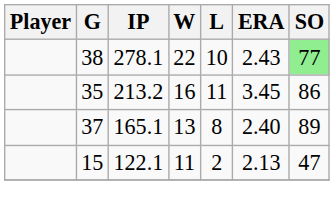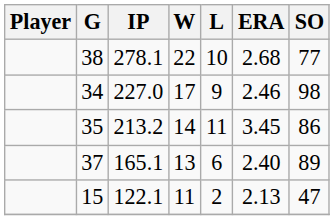 <table class="wikitable sortable" style="text-align:center;">
 <tr>
 <th>Player</th>
 <th>G</th>
 <th>IP</th>
 <th>W</th>
 <th>L</th>
 <th>ERA</th>
 <th>SO</th>
 </tr>
 <tr>
 <td></td>
 <td>38</td>
 <td>278.1</td>
 <td>22</td>
 <td>10</td>
-<td>2.43</td>
-<td style="background: lightgreen;">77</td>
+<td>2.68</td>
+<td>77</td>
+</tr>
+<tr>
+<td></td>
+<td>34</td>
+<td>227.0</td>
+<td>17</td>
+<td>9</td>
+<td>2.46</td>
+<td>98</td>
 </tr>
 <tr>
 <td></td>
 <td>35</td>
 <td>213.2</td>
-<td>16</td>
+<td>14</td>
 <td>11</td>
 <td>3.45</td>
 <td>86</td>
 </tr>
 <tr>
 <td></td>
 <td>37</td>
 <td>165.1</td>
 <td>13</td>
-<td>8</td>
+<td>6</td>
 <td>2.40</td>
 <td>89</td>
 </tr>
 <tr>
 <td></td>
 <td>15</td>
 <td>122.1</td>
 <td>11</td>
 <td>2</td>
 <td>2.13</td>
 <td>47</td>
 </tr>
 <tr>
 </tr>
 </table>
